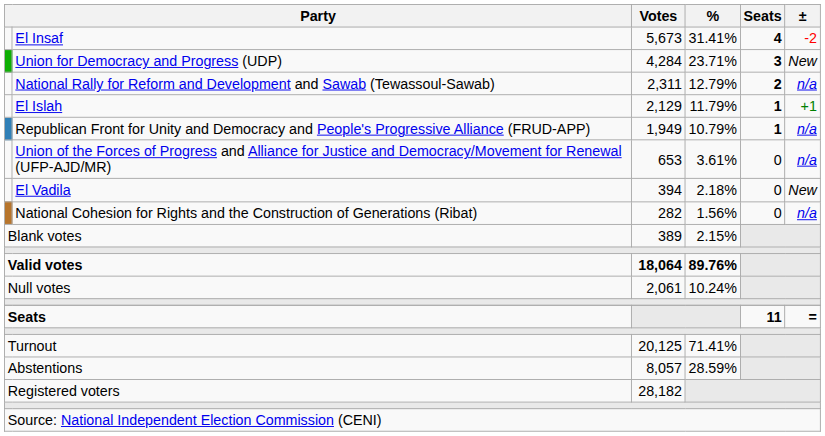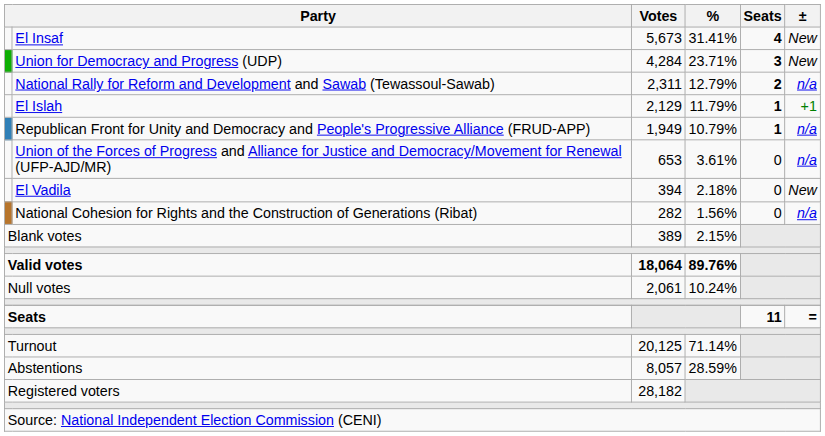 <table class="wikitable" style="text-align:right;font-size:95%;">
 <tr>
 <th width="700" colspan="2">Party</th>
 <th width="50">Votes</th>
 <th width="50">%</th>
 <th width="25">Seats</th>
 <th width="20">±</th>
 </tr>
 <tr>
 <td width="1" style="color:inherit;background:"></td>
 <td style="text-align:left;"><a href='#'>El Insaf</a></td>
 <td>5,673</td>
 <td>31.41%</td>
 <td><strong>4</strong></td>
-<td style="color:red;">-2</td>
+<td><em>New</em></td>
 </tr>
 <tr>
 <td width="1" style="color:inherit;background:#0FAF05;"></td>
 <td style="text-align:left;"><a href='#'>Union for Democracy and Progress</a> (UDP)</td>
 <td>4,284</td>
 <td>23.71%</td>
 <td><strong>3</strong></td>
 <td><em>New</em></td>
 </tr>
 <tr>
 <td width="1" style="color:inherit;background:"></td>
 <td style="text-align:left;"><a href='#'>National Rally for Reform and Development</a> and <a href='#'>Sawab</a> (Tewassoul-Sawab)</td>
 <td>2,311</td>
 <td>12.79%</td>
 <td><strong>2</strong></td>
 <td><em><a href='#'>n/a</a></em></td>
 </tr>
 <tr>
 <td width="1" style="color:inherit;background:"></td>
 <td style="text-align:left;"><a href='#'>El Islah</a></td>
 <td>2,129</td>
 <td>11.79%</td>
 <td><strong>1</strong></td>
 <td style="color:green;">+1</td>
 </tr>
 <tr>
 <td width="1" style="color:inherit;background:#3080B7;"></td>
 <td style="text-align:left;">Republican Front for Unity and Democracy and <a href='#'>People's Progressive Alliance</a> (FRUD-APP)</td>
 <td>1,949</td>
 <td>10.79%</td>
 <td><strong>1</strong></td>
 <td><em><a href='#'>n/a</a></em></td>
 </tr>
 <tr>
 <td width="1" style="color:inherit;background:"></td>
 <td style="text-align:left;"><a href='#'>Union of the Forces of Progress</a> and <a href='#'>Alliance for Justice and Democracy/Movement for Renewal</a> (UFP-AJD/MR)</td>
 <td>653</td>
 <td>3.61%</td>
 <td>0</td>
 <td><em><a href='#'>n/a</a></em></td>
 </tr>
 <tr>
 <td width="1" style="color:inherit;background:"></td>
 <td style="text-align:left;"><a href='#'>El Vadila</a></td>
 <td>394</td>
 <td>2.18%</td>
 <td>0</td>
 <td><em>New</em></td>
 </tr>
 <tr>
 <td width="1" style="color:inherit;background:#B7752C;"></td>
 <td style="text-align:left;">National Cohesion for Rights and the Construction of Generations (Ribat)</td>
 <td>282</td>
 <td>1.56%</td>
 <td>0</td>
 <td><em><a href='#'>n/a</a></em></td>
 </tr>
 <tr>
 <td colspan="2" style="text-align:left;">Blank votes</td>
 <td>389</td>
 <td>2.15%</td>
 <td colspan="2" style="background:#E9E9E9;"></td>
 </tr>
 <tr>
 <td colspan="6" style="background:#E9E9E9;"></td>
 </tr>
 <tr style="font-weight:bold;">
 <td colspan="2" style="text-align:left;">Valid votes</td>
 <td>18,064</td>
 <td>89.76%</td>
 <td colspan="2" style="background:#E9E9E9;"></td>
 </tr>
 <tr>
 <td colspan="2" style="text-align:left;">Null votes</td>
 <td>2,061</td>
 <td>10.24%</td>
 <td colspan="2" style="background:#E9E9E9;"></td>
 </tr>
 <tr>
 <td colspan="6" style="background:#E9E9E9;"></td>
 </tr>
 <tr>
 </tr>
 <tr style="font-weight:bold;">
 <td colspan="2" style="text-align:left;">Seats</td>
 <td colspan="2" style="background:#E9E9E9;"></td>
 <td>11</td>
 <td>=</td>
 </tr>
 <tr>
 <td colspan="6" style="background:#E9E9E9;"></td>
 </tr>
 <tr>
 <td colspan="2" style="text-align:left;">Turnout</td>
 <td>20,125</td>
-<td>71.41%</td>
+<td>71.14%</td>
 <td colspan="2" style="background:#E9E9E9;"></td>
 </tr>
 <tr>
 <td colspan="2" style="text-align:left;">Abstentions</td>
 <td>8,057</td>
 <td>28.59%</td>
 <td colspan="2" style="background:#E9E9E9;"></td>
 </tr>
 <tr>
 <td colspan="2" style="text-align:left;">Registered voters</td>
 <td>28,182</td>
 <td colspan="3" style="background:#E9E9E9;"></td>
 </tr>
 <tr>
 <td colspan="6" style="background:#E9E9E9;"></td>
 </tr>
 <tr>
 <td colspan="6" style="text-align:left;">Source: <a href='#'>National Independent Election Commission</a> (CENI)</td>
 </tr>
 </table>
